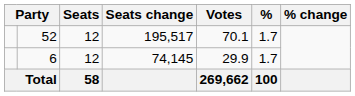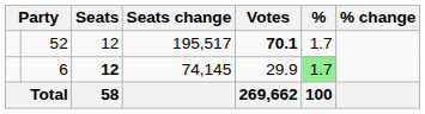 <table class="wikitable sortable">
 <tr>
 <th colspan=2>Party</th>
 <th>Seats</th>
 <th>Seats change</th>
 <th>Votes</th>
 <th>%</th>
 <th>% change</th>
 </tr>
 <tr>
 <td></td>
 <td align=right>52</td>
 <td align=right>12</td>
 <td align=right>195,517</td>
-<td align=right>70.1</td>
+<td align=right><strong>70.1</strong></td>
 <td align=right>1.7</td>
 </tr>
 <tr>
 <td></td>
 <td align=right>6</td>
-<td align=right>12</td>
+<td align=right><strong>12</strong></td>
 <td align=right>74,145</td>
 <td align=right>29.9</td>
-<td align=right>1.7</td>
+<td align=right style="background: lightgreen;">1.7</td>
 </tr>
 <tr class="sortbottom" style="font-weight: bold; text-align: right; background: #f2f2f2;">
 <th colspan="2" style="padding-left: 1.5em; text-align: left;">Total</th>
 <td align=right>58</td>
 <td align=right></td>
 <td align=right>269,662</td>
 <td align=right>100</td>
 <td align=right></td>
 </tr>
 </table>
